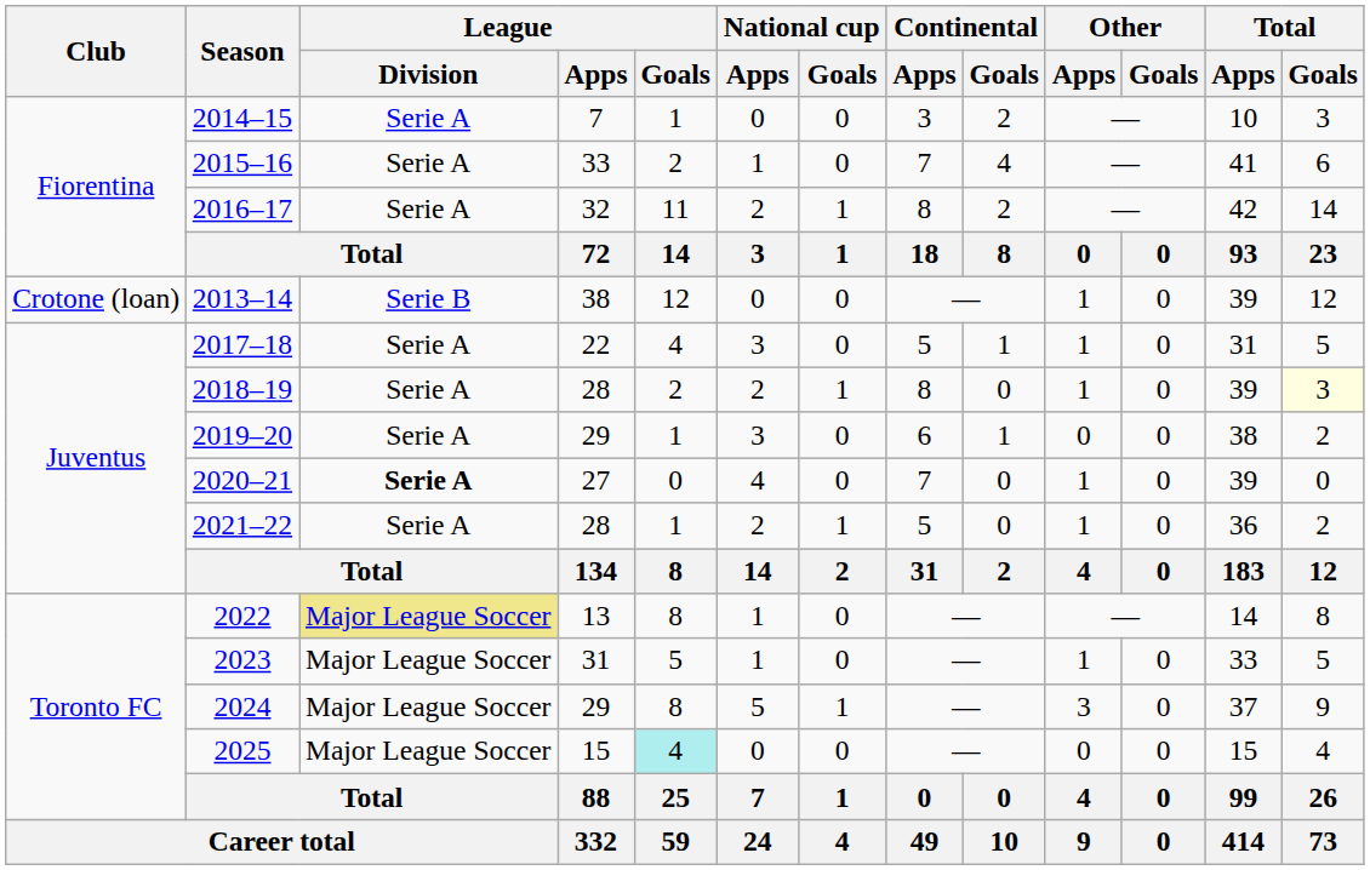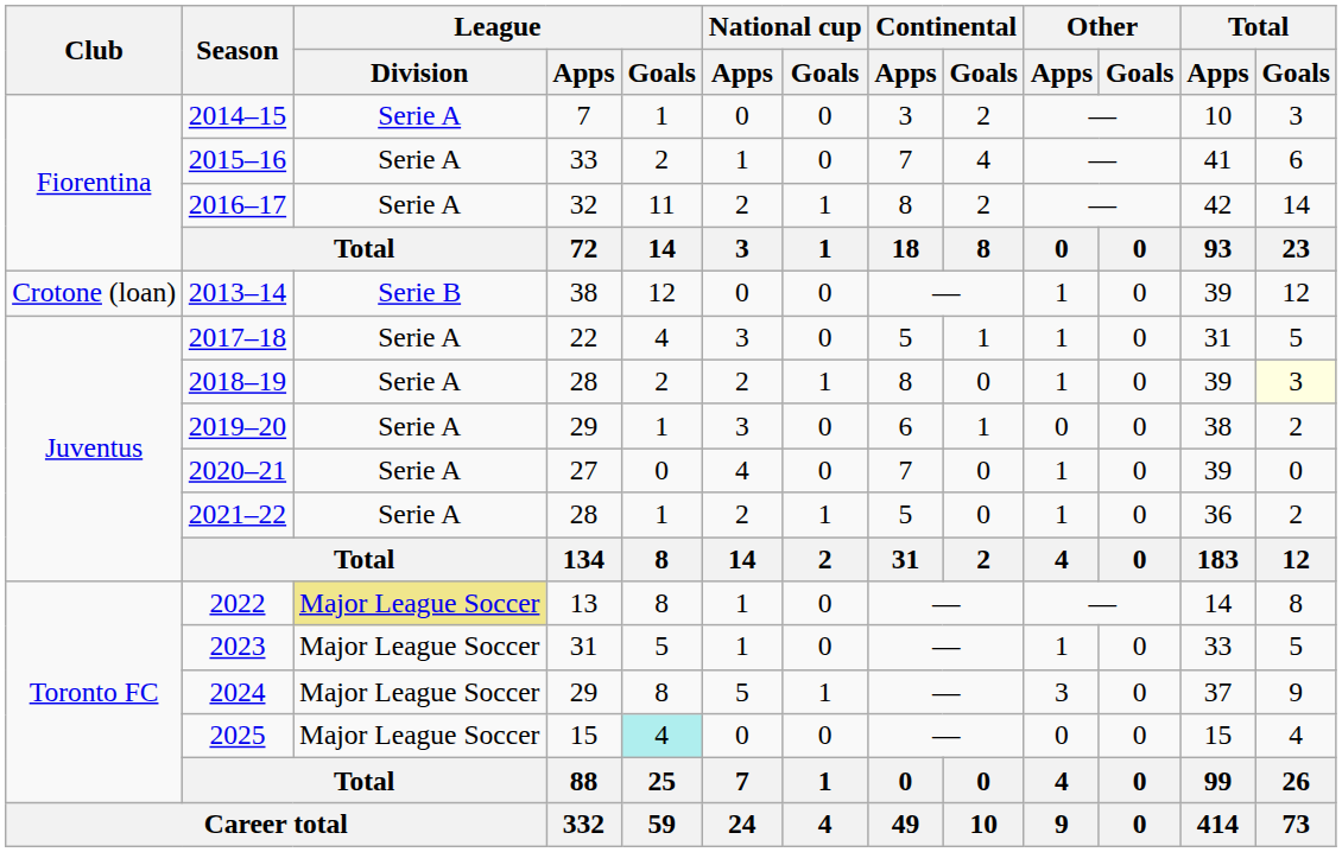 <table class="wikitable" style="text-align:center">
 <tr>
 <th rowspan="2">Club</th>
 <th rowspan="2">Season</th>
 <th colspan="3">League</th>
 <th colspan="2">National cup</th>
 <th colspan="2">Continental</th>
 <th colspan="2">Other</th>
 <th colspan="2">Total</th>
 </tr>
 <tr>
 <th>Division</th>
 <th>Apps</th>
 <th>Goals</th>
 <th>Apps</th>
 <th>Goals</th>
 <th>Apps</th>
 <th>Goals</th>
 <th>Apps</th>
 <th>Goals</th>
 <th>Apps</th>
 <th>Goals</th>
 </tr>
 <tr>
 <td rowspan="4"><a href='#'>Fiorentina</a></td>
 <td><a href='#'>2014–15</a></td>
 <td><a href='#'>Serie A</a></td>
 <td>7</td>
 <td>1</td>
 <td>0</td>
 <td>0</td>
 <td>3</td>
 <td>2</td>
 <td colspan="2">—</td>
 <td>10</td>
 <td>3</td>
 </tr>
 <tr>
 <td><a href='#'>2015–16</a></td>
 <td>Serie A</td>
 <td>33</td>
 <td>2</td>
 <td>1</td>
 <td>0</td>
 <td>7</td>
 <td>4</td>
 <td colspan="2">—</td>
 <td>41</td>
 <td>6</td>
 </tr>
 <tr>
 <td><a href='#'>2016–17</a></td>
 <td>Serie A</td>
 <td>32</td>
 <td>11</td>
 <td>2</td>
 <td>1</td>
 <td>8</td>
 <td>2</td>
 <td colspan="2">—</td>
 <td>42</td>
 <td>14</td>
 </tr>
 <tr>
 <th colspan="2">Total</th>
 <th>72</th>
 <th>14</th>
 <th>3</th>
 <th>1</th>
 <th>18</th>
 <th>8</th>
 <th>0</th>
 <th>0</th>
 <th>93</th>
 <th>23</th>
 </tr>
 <tr>
 <td><a href='#'>Crotone</a> (loan)</td>
 <td><a href='#'>2013–14</a></td>
 <td><a href='#'>Serie B</a></td>
 <td>38</td>
 <td>12</td>
 <td>0</td>
 <td>0</td>
 <td colspan="2">—</td>
 <td>1</td>
 <td>0</td>
 <td>39</td>
 <td>12</td>
 </tr>
 <tr>
 <td rowspan="6"><a href='#'>Juventus</a></td>
 <td><a href='#'>2017–18</a></td>
 <td>Serie A</td>
 <td>22</td>
 <td>4</td>
 <td>3</td>
 <td>0</td>
 <td>5</td>
 <td>1</td>
 <td>1</td>
 <td>0</td>
 <td>31</td>
 <td>5</td>
 </tr>
 <tr>
 <td><a href='#'>2018–19</a></td>
 <td>Serie A</td>
 <td>28</td>
 <td>2</td>
 <td>2</td>
 <td>1</td>
 <td>8</td>
 <td>0</td>
 <td>1</td>
 <td>0</td>
 <td>39</td>
 <td style="background: lightyellow;">3</td>
 </tr>
 <tr>
 <td><a href='#'>2019–20</a></td>
 <td>Serie A</td>
 <td>29</td>
 <td>1</td>
 <td>3</td>
 <td>0</td>
 <td>6</td>
 <td>1</td>
 <td>0</td>
 <td>0</td>
 <td>38</td>
 <td>2</td>
 </tr>
 <tr>
 <td><a href='#'>2020–21</a></td>
-<td><strong>Serie A</strong></td>
+<td>Serie A</td>
 <td>27</td>
 <td>0</td>
 <td>4</td>
 <td>0</td>
 <td>7</td>
 <td>0</td>
 <td>1</td>
 <td>0</td>
 <td>39</td>
 <td>0</td>
 </tr>
 <tr>
 <td><a href='#'>2021–22</a></td>
 <td>Serie A</td>
 <td>28</td>
 <td>1</td>
 <td>2</td>
 <td>1</td>
 <td>5</td>
 <td>0</td>
 <td>1</td>
 <td>0</td>
 <td>36</td>
 <td>2</td>
 </tr>
 <tr>
 <th colspan="2">Total</th>
 <th>134</th>
 <th>8</th>
 <th>14</th>
 <th>2</th>
 <th>31</th>
 <th>2</th>
 <th>4</th>
 <th>0</th>
 <th>183</th>
 <th>12</th>
 </tr>
 <tr>
 <td rowspan="5"><a href='#'>Toronto FC</a></td>
 <td><a href='#'>2022</a></td>
 <td style="background: khaki;"><a href='#'>Major League Soccer</a></td>
 <td>13</td>
 <td>8</td>
 <td>1</td>
 <td>0</td>
 <td colspan="2">—</td>
 <td colspan="2">—</td>
 <td>14</td>
 <td>8</td>
 </tr>
 <tr>
 <td><a href='#'>2023</a></td>
 <td>Major League Soccer</td>
 <td>31</td>
 <td>5</td>
 <td>1</td>
 <td>0</td>
 <td colspan="2">—</td>
 <td>1</td>
 <td>0</td>
 <td>33</td>
 <td>5</td>
 </tr>
 <tr>
 <td><a href='#'>2024</a></td>
 <td>Major League Soccer</td>
 <td>29</td>
 <td>8</td>
 <td>5</td>
 <td>1</td>
 <td colspan="2">—</td>
 <td>3</td>
 <td>0</td>
 <td>37</td>
 <td>9</td>
 </tr>
 <tr>
 <td><a href='#'>2025</a></td>
 <td>Major League Soccer</td>
 <td>15</td>
 <td style="background: paleturquoise;">4</td>
 <td>0</td>
 <td>0</td>
 <td colspan="2">—</td>
 <td>0</td>
 <td>0</td>
 <td>15</td>
 <td>4</td>
 </tr>
 <tr>
 <th colspan="2">Total</th>
 <th>88</th>
 <th>25</th>
 <th>7</th>
 <th>1</th>
 <th>0</th>
 <th>0</th>
 <th>4</th>
 <th>0</th>
 <th>99</th>
 <th>26</th>
 </tr>
 <tr>
 <th colspan="3">Career total</th>
 <th>332</th>
 <th>59</th>
 <th>24</th>
 <th>4</th>
 <th>49</th>
 <th>10</th>
 <th>9</th>
 <th>0</th>
 <th>414</th>
 <th>73</th>
 </tr>
 </table>
